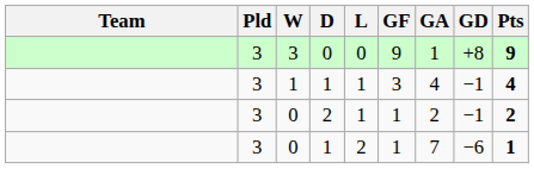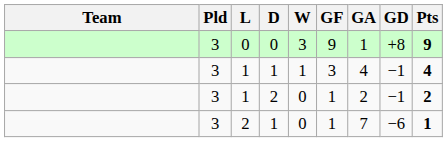 <table class="wikitable" style="text-align:center;">
 <tr>
 <th width=180>Team</th>
 <th width=20>Pld</th>
+<th width=20>L</th>
+<th width=20>D</th>
 <th width=20>W</th>
-<th width=20>D</th>
-<th width=20>L</th>
 <th width=20>GF</th>
 <th width=20>GA</th>
 <th width=20>GD</th>
 <th width=20>Pts</th>
 </tr>
 <tr bgcolor="ccffcc">
 <td align="left"></td>
 <td>3</td>
-<td>3</td>
 <td>0</td>
 <td>0</td>
+<td>3</td>
 <td>9</td>
 <td>1</td>
 <td>+8</td>
 <td><strong>9</strong></td>
 </tr>
 <tr>
 <td align="left"></td>
 <td>3</td>
 <td>1</td>
 <td>1</td>
 <td>1</td>
 <td>3</td>
 <td>4</td>
 <td>−1</td>
 <td><strong>4</strong></td>
 </tr>
 <tr>
 <td align="left"></td>
 <td>3</td>
+<td>1</td>
+<td>2</td>
 <td>0</td>
-<td>2</td>
-<td>1</td>
 <td>1</td>
 <td>2</td>
 <td>−1</td>
 <td><strong>2</strong></td>
 </tr>
 <tr>
 <td align="left"></td>
 <td>3</td>
+<td>2</td>
+<td>1</td>
 <td>0</td>
-<td>1</td>
-<td>2</td>
 <td>1</td>
 <td>7</td>
 <td>−6</td>
 <td><strong>1</strong></td>
 </tr>
 </table>
